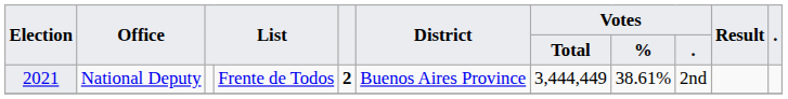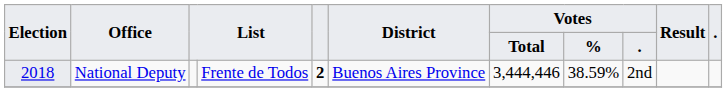 <table class="wikitable" style="font-size:90%; text-align:center;">
 <tr>
 <th style="background-color:#EAECF0;" rowspan=2>Election</th>
 <th style="background-color:#EAECF0;" rowspan=2>Office</th>
 <th style="background-color:#EAECF0;" colspan=2 rowspan=2>List</th>
 <th style="background-color:#EAECF0;" rowspan=2></th>
 <th style="background-color:#EAECF0;" rowspan=2>District</th>
 <th style="background-color:#EAECF0;" colspan=3>Votes</th>
 <th style="background-color:#EAECF0;" rowspan=2>Result</th>
 <th style="background-color:#EAECF0;" rowspan=2>.</th>
 </tr>
 <tr>
 <th style="background-color:#EAECF0;">Total</th>
 <th style="background-color:#EAECF0;">%</th>
 <th style="background-color:#EAECF0;">.</th>
 </tr>
 <tr>
-<td style="background-color:#EAECF0;"><a href='#'>2021</a></td>
+<td style="background-color:#EAECF0;"><a href='#'>2018</a></td>
 <td><a href='#'>National Deputy</a></td>
 <td style="background-color:"></td>
 <td><a href='#'>Frente de Todos</a></td>
 <td><strong>2</strong></td>
 <td><a href='#'>Buenos Aires Province</a></td>
-<td>3,444,449</td>
-<td>38.61%</td>
+<td>3,444,446</td>
+<td>38.59%</td>
 <td>2nd</td>
 <td></td>
 <td></td>
 </tr>
 <tr>
 </tr>
 </table>
